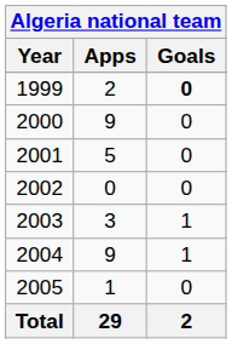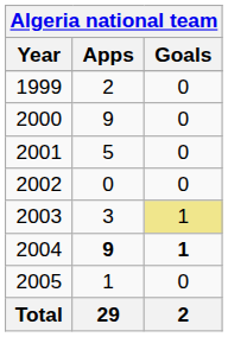 <table class="wikitable" style="text-align:center">
 <tr>
 <th colspan=3><a href='#'>Algeria national team</a></th>
 </tr>
 <tr>
 <th>Year</th>
 <th>Apps</th>
 <th>Goals</th>
 </tr>
 <tr>
 </tr>
 <tr>
 <td>1999</td>
 <td>2</td>
-<td><strong>0</strong></td>
+<td>0</td>
 </tr>
 <tr>
 <td>2000</td>
 <td>9</td>
 <td>0</td>
 </tr>
 <tr>
 <td>2001</td>
 <td>5</td>
 <td>0</td>
 </tr>
 <tr>
 <td>2002</td>
 <td>0</td>
 <td>0</td>
 </tr>
 <tr>
 <td>2003</td>
 <td>3</td>
-<td>1</td>
+<td style="background: khaki;">1</td>
 </tr>
 <tr>
 <td>2004</td>
-<td>9</td>
-<td>1</td>
+<td><strong>9</strong></td>
+<td><strong>1</strong></td>
 </tr>
 <tr>
 <td>2005</td>
 <td>1</td>
 <td>0</td>
 </tr>
 <tr>
 <th>Total</th>
 <th>29</th>
 <th>2</th>
 </tr>
 </table>
